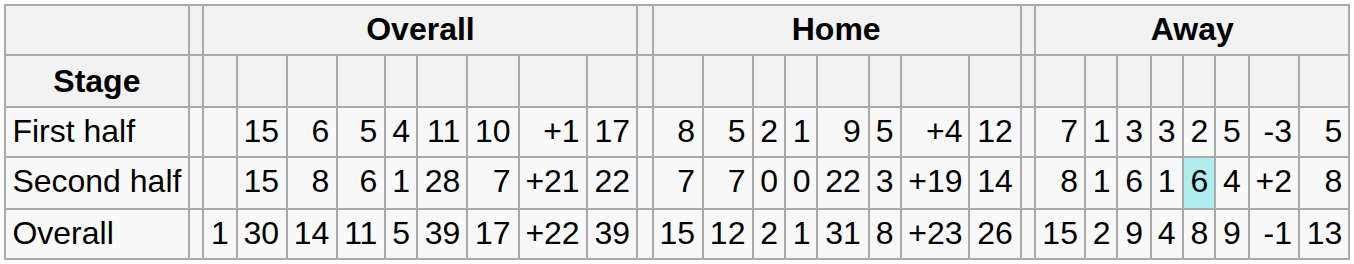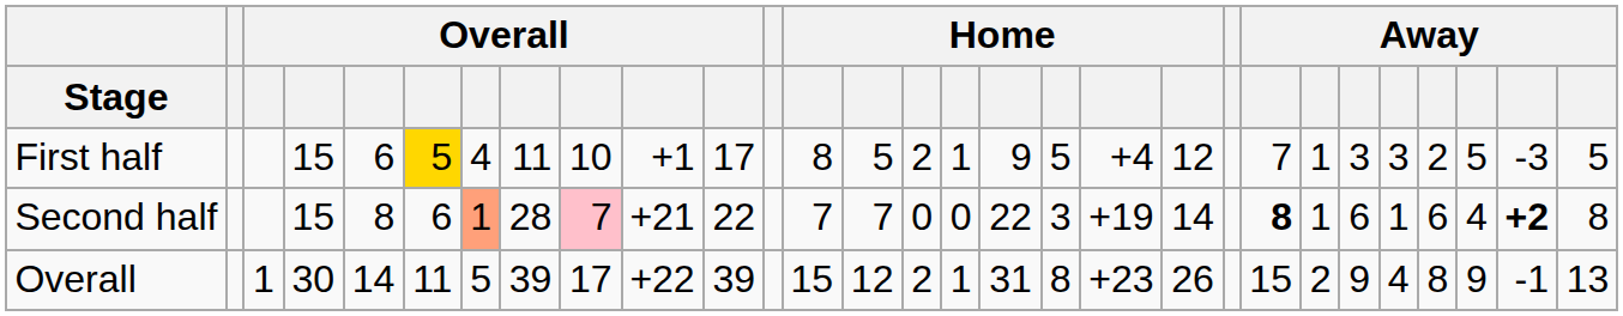 <table class="wikitable" style="text-align: right;">
 <tr>
 <th rawspan=2></th>
 <th rawspan=2></th>
 <th colspan=9>Overall</th>
 <th rawspan=1></th>
 <th colspan=8>Home</th>
 <th rawspan=1></th>
 <th colspan=8>Away</th>
 </tr>
 <tr>
 <th>Stage</th>
 <th></th>
 <th></th>
 <th></th>
 <th></th>
 <th></th>
 <th></th>
 <th></th>
 <th></th>
 <th></th>
 <th></th>
 <th></th>
 <th></th>
 <th></th>
 <th></th>
 <th></th>
 <th></th>
 <th></th>
 <th></th>
 <th></th>
 <th></th>
 <th></th>
 <th></th>
 <th></th>
 <th></th>
 <th></th>
 <th></th>
 <th></th>
 <th></th>
 </tr>
 <tr>
 <td align="left">First half</td>
 <td></td>
 <td></td>
 <td>15</td>
 <td>6</td>
-<td>5</td>
+<td style="background: gold;">5</td>
 <td>4</td>
 <td>11</td>
 <td>10</td>
 <td>+1</td>
 <td>17</td>
 <td></td>
 <td>8</td>
 <td>5</td>
 <td>2</td>
 <td>1</td>
 <td>9</td>
 <td>5</td>
 <td>+4</td>
 <td>12</td>
 <td></td>
 <td>7</td>
 <td>1</td>
 <td>3</td>
 <td>3</td>
 <td>2</td>
 <td>5</td>
 <td>-3</td>
 <td>5</td>
 </tr>
 <tr>
 <td align="left">Second half</td>
 <td></td>
 <td></td>
 <td>15</td>
 <td>8</td>
 <td>6</td>
-<td>1</td>
+<td style="background: lightsalmon;">1</td>
 <td>28</td>
-<td>7</td>
+<td style="background: pink;">7</td>
 <td>+21</td>
 <td>22</td>
 <td></td>
 <td>7</td>
 <td>7</td>
 <td>0</td>
 <td>0</td>
 <td>22</td>
 <td>3</td>
 <td>+19</td>
 <td>14</td>
 <td></td>
-<td>8</td>
+<td><strong>8</strong></td>
 <td>1</td>
 <td>6</td>
 <td>1</td>
-<td style="background: paleturquoise;">6</td>
+<td>6</td>
 <td>4</td>
-<td>+2</td>
+<td><strong>+2</strong></td>
 <td>8</td>
 </tr>
 <tr>
 <td align="left">Overall</td>
 <td></td>
 <td>1</td>
 <td>30</td>
 <td>14</td>
 <td>11</td>
 <td>5</td>
 <td>39</td>
 <td>17</td>
 <td>+22</td>
 <td>39</td>
 <td></td>
 <td>15</td>
 <td>12</td>
 <td>2</td>
 <td>1</td>
 <td>31</td>
 <td>8</td>
 <td>+23</td>
 <td>26</td>
 <td></td>
 <td>15</td>
 <td>2</td>
 <td>9</td>
 <td>4</td>
 <td>8</td>
 <td>9</td>
 <td>-1</td>
 <td>13</td>
 </tr>
 </table>
